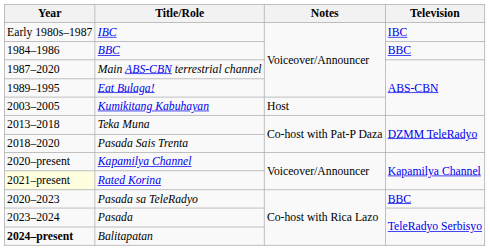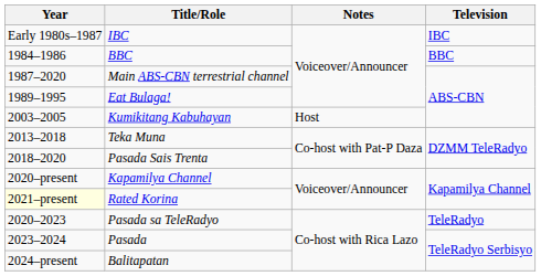 <table class="wikitable">
 <tr>
 <th>Year</th>
 <th>Title/Role</th>
 <th>Notes</th>
 <th>Television</th>
 </tr>
 <tr>
 <td>Early 1980s–1987</td>
 <td><em><a href='#'>IBC</a></em></td>
 <td rowspan="4">Voiceover/Announcer</td>
 <td><a href='#'>IBC</a></td>
 </tr>
 <tr>
 <td>1984–1986</td>
 <td><em><a href='#'>BBC</a></em></td>
 <td><a href='#'>BBC</a></td>
 </tr>
 <tr>
 <td>1987–2020</td>
 <td><em>Main <a href='#'>ABS-CBN</a> terrestrial channel</em></td>
 <td rowspan="3"><a href='#'>ABS-CBN</a></td>
 </tr>
 <tr>
 <td>1989–1995</td>
 <td><em><a href='#'>Eat Bulaga!</a></em></td>
 </tr>
 <tr>
 <td>2003–2005</td>
 <td><em><a href='#'>Kumikitang Kabuhayan</a></em></td>
 <td>Host</td>
 </tr>
 <tr>
 <td>2013–2018</td>
 <td><em>Teka Muna</em></td>
 <td rowspan="2">Co-host with Pat-P Daza</td>
 <td rowspan="2"><a href='#'>DZMM TeleRadyo</a></td>
 </tr>
 <tr>
 <td>2018–2020</td>
 <td><em>Pasada Sais Trenta</em></td>
 </tr>
 <tr>
 <td>2020–present</td>
 <td><em><a href='#'>Kapamilya Channel</a></em></td>
 <td rowspan="2">Voiceover/Announcer</td>
 <td rowspan="2"><a href='#'>Kapamilya Channel</a></td>
 </tr>
 <tr>
 <td style="background: lightyellow;">2021–present</td>
 <td><em><a href='#'>Rated Korina</a></em></td>
 </tr>
 <tr>
 <td>2020–2023</td>
 <td><em>Pasada sa TeleRadyo</em></td>
 <td rowspan="3">Co-host with Rica Lazo</td>
-<td><a href='#'>BBC</a></td>
+<td><a href='#'>TeleRadyo</a></td>
 </tr>
 <tr>
 <td>2023–2024</td>
 <td><em>Pasada</em></td>
 <td rowspan="2"><a href='#'>TeleRadyo Serbisyo</a></td>
 </tr>
 <tr>
-<td><strong>2024–present</strong></td>
+<td>2024–present</td>
 <td><em>Balitapatan</em></td>
 </tr>
 </table>
